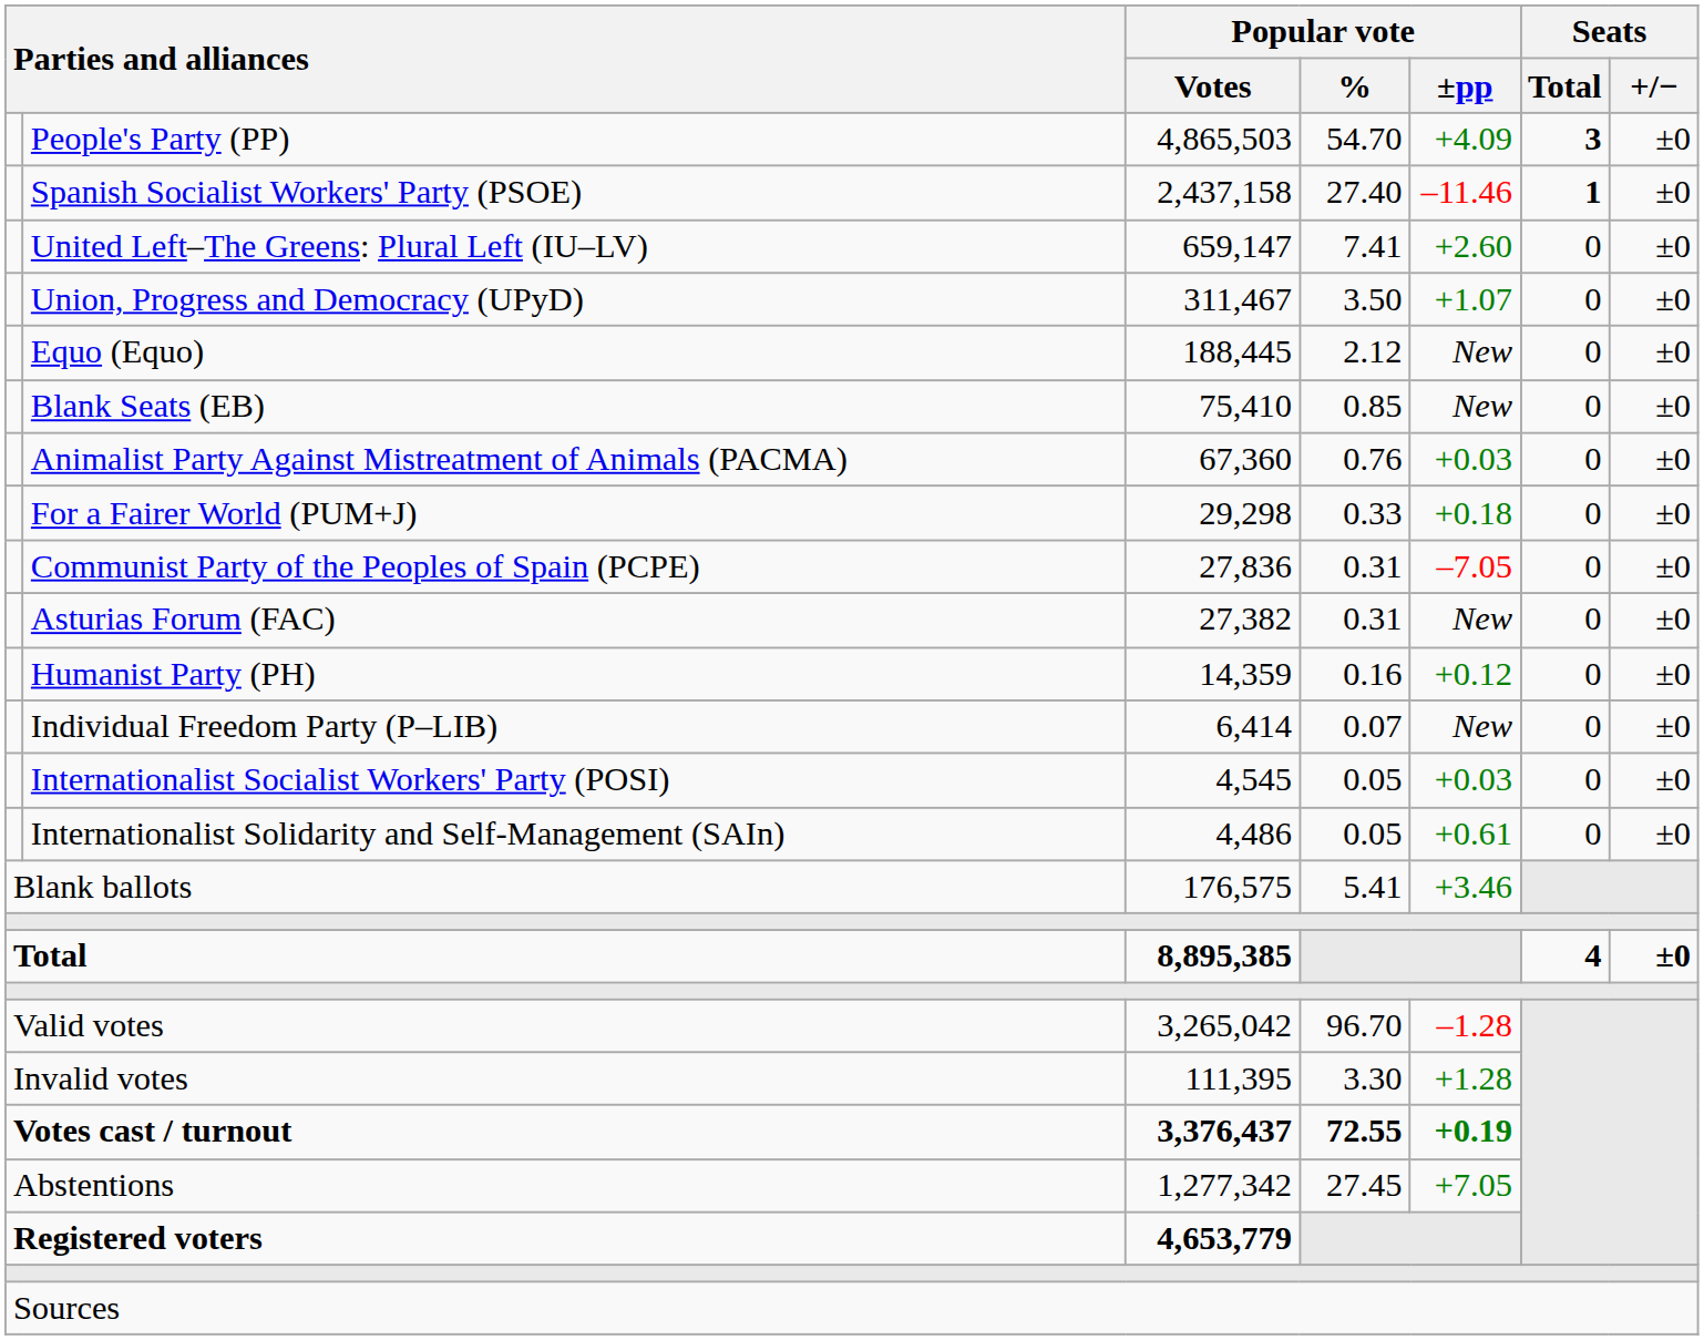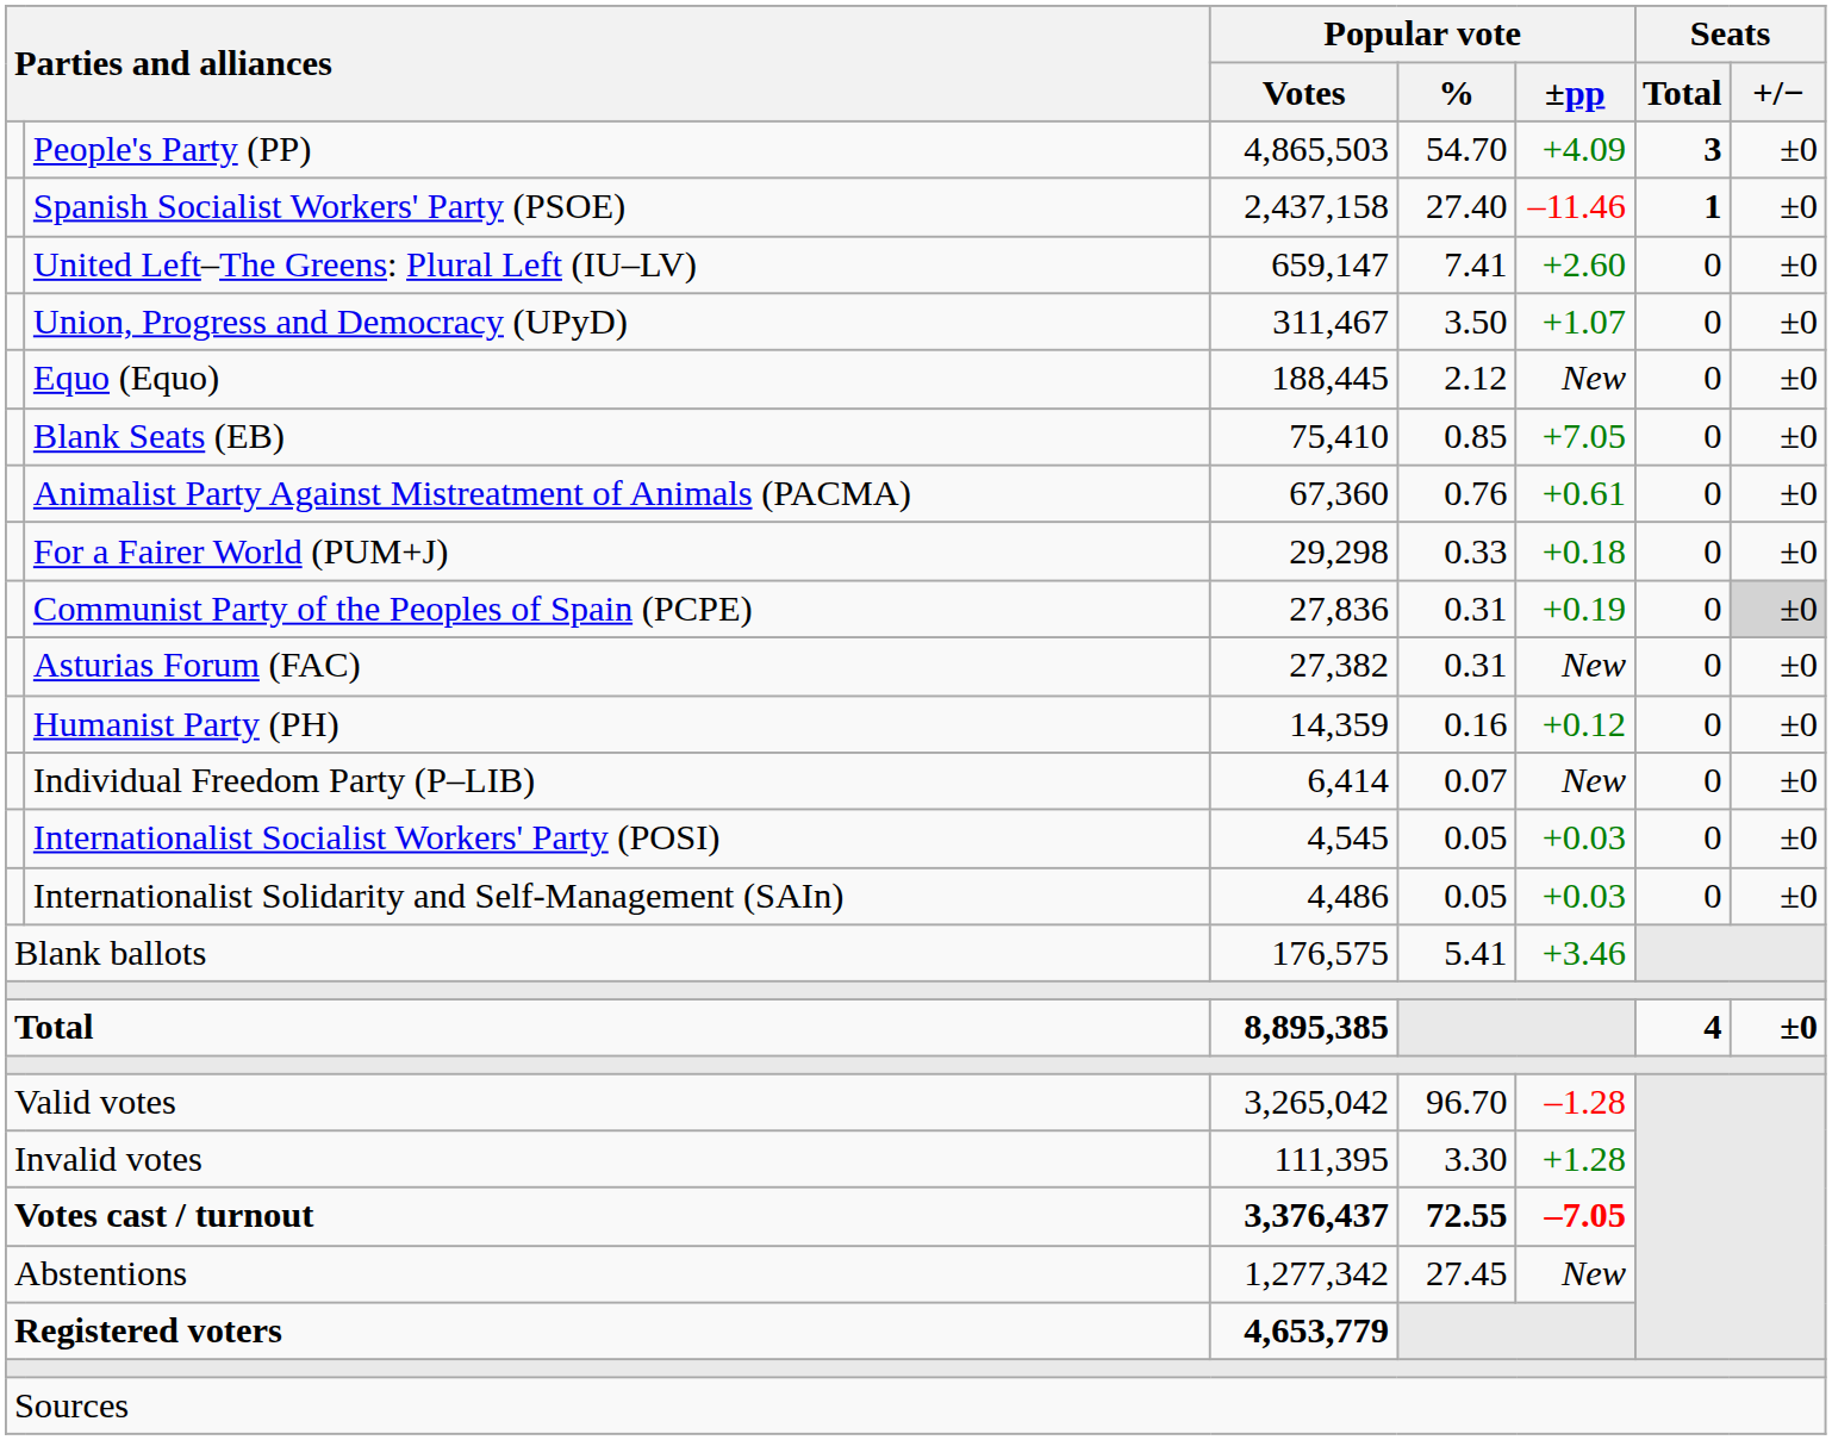 <table class="wikitable" style="text-align:right;">
 <tr>
 <th style="text-align:left;" rowspan="2" colspan="2" width="525">Parties and alliances</th>
 <th colspan="3">Popular vote</th>
 <th colspan="2">Seats</th>
 </tr>
 <tr>
 <th width="75">Votes</th>
 <th width="45">%</th>
 <th width="45">±<a href='#'>pp</a></th>
 <th width="35">Total</th>
 <th width="35">+/−</th>
 </tr>
 <tr>
 <td width="1" style="color:inherit;background:"></td>
 <td align="left"><a href='#'>People's Party</a> (PP)</td>
 <td>4,865,503</td>
 <td>54.70</td>
 <td style="color:green;">+4.09</td>
 <td><strong>3</strong></td>
 <td>±0</td>
 </tr>
 <tr>
 <td style="color:inherit;background:"></td>
 <td align="left"><a href='#'>Spanish Socialist Workers' Party</a> (PSOE)</td>
 <td>2,437,158</td>
 <td>27.40</td>
 <td style="color:red;">–11.46</td>
 <td><strong>1</strong></td>
 <td>±0</td>
 </tr>
 <tr>
 <td style="color:inherit;background:"></td>
 <td align="left"><a href='#'>United Left</a>–<a href='#'>The Greens</a>: <a href='#'>Plural Left</a> (IU–LV)</td>
 <td>659,147</td>
 <td>7.41</td>
 <td style="color:green;">+2.60</td>
 <td>0</td>
 <td>±0</td>
 </tr>
 <tr>
 <td style="color:inherit;background:"></td>
 <td align="left"><a href='#'>Union, Progress and Democracy</a> (UPyD)</td>
 <td>311,467</td>
 <td>3.50</td>
 <td style="color:green;">+1.07</td>
 <td>0</td>
 <td>±0</td>
 </tr>
 <tr>
 <td style="color:inherit;background:"></td>
 <td align="left"><a href='#'>Equo</a> (Equo)</td>
 <td>188,445</td>
 <td>2.12</td>
 <td><em>New</em></td>
 <td>0</td>
 <td>±0</td>
 </tr>
 <tr>
 <td style="color:inherit;background:"></td>
 <td align="left"><a href='#'>Blank Seats</a> (EB)</td>
 <td>75,410</td>
 <td>0.85</td>
-<td><em>New</em></td>
+<td style="color:green;">+7.05</td>
 <td>0</td>
 <td>±0</td>
 </tr>
 <tr>
 <td style="color:inherit;background:"></td>
 <td align="left"><a href='#'>Animalist Party Against Mistreatment of Animals</a> (PACMA)</td>
 <td>67,360</td>
 <td>0.76</td>
-<td style="color:green;">+0.03</td>
+<td style="color:green;">+0.61</td>
 <td>0</td>
 <td>±0</td>
 </tr>
 <tr>
 <td style="color:inherit;background:"></td>
 <td align="left"><a href='#'>For a Fairer World</a> (PUM+J)</td>
 <td>29,298</td>
 <td>0.33</td>
 <td style="color:green;">+0.18</td>
 <td>0</td>
 <td>±0</td>
 </tr>
 <tr>
 <td style="color:inherit;background:"></td>
 <td align="left"><a href='#'>Communist Party of the Peoples of Spain</a> (PCPE)</td>
 <td>27,836</td>
 <td>0.31</td>
-<td style="color:red;">–7.05</td>
+<td style="color:green;">+0.19</td>
 <td>0</td>
-<td>±0</td>
+<td style="background: lightgrey;">±0</td>
 </tr>
 <tr>
 <td style="color:inherit;background:"></td>
 <td align="left"><a href='#'>Asturias Forum</a> (FAC)</td>
 <td>27,382</td>
 <td>0.31</td>
 <td><em>New</em></td>
 <td>0</td>
 <td>±0</td>
 </tr>
 <tr>
 <td style="color:inherit;background:"></td>
 <td align="left"><a href='#'>Humanist Party</a> (PH)</td>
 <td>14,359</td>
 <td>0.16</td>
 <td style="color:green;">+0.12</td>
 <td>0</td>
 <td>±0</td>
 </tr>
 <tr>
 <td style="color:inherit;background:"></td>
 <td align="left">Individual Freedom Party (P–LIB)</td>
 <td>6,414</td>
 <td>0.07</td>
 <td><em>New</em></td>
 <td>0</td>
 <td>±0</td>
 </tr>
 <tr>
 <td style="color:inherit;background:"></td>
 <td align="left"><a href='#'>Internationalist Socialist Workers' Party</a> (POSI)</td>
 <td>4,545</td>
 <td>0.05</td>
 <td style="color:green;">+0.03</td>
 <td>0</td>
 <td>±0</td>
 </tr>
 <tr>
 <td style="color:inherit;background:"></td>
 <td align="left">Internationalist Solidarity and Self-Management (SAIn)</td>
 <td>4,486</td>
 <td>0.05</td>
-<td style="color:green;">+0.61</td>
+<td style="color:green;">+0.03</td>
 <td>0</td>
 <td>±0</td>
 </tr>
 <tr>
 <td align="left" colspan="2">Blank ballots</td>
 <td>176,575</td>
 <td>5.41</td>
 <td style="color:green;">+3.46</td>
 <td bgcolor="#E9E9E9" colspan="2"></td>
 </tr>
 <tr>
 <td colspan="7" bgcolor="#E9E9E9"></td>
 </tr>
 <tr style="font-weight:bold;">
 <td align="left" colspan="2">Total</td>
 <td>8,895,385</td>
 <td bgcolor="#E9E9E9" colspan="2"></td>
 <td>4</td>
 <td>±0</td>
 </tr>
 <tr>
 <td colspan="7" bgcolor="#E9E9E9"></td>
 </tr>
 <tr>
 <td align="left" colspan="2">Valid votes</td>
 <td>3,265,042</td>
 <td>96.70</td>
 <td style="color:red;">–1.28</td>
 <td bgcolor="#E9E9E9" colspan="2" rowspan="5"></td>
 </tr>
 <tr>
 <td align="left" colspan="2">Invalid votes</td>
 <td>111,395</td>
 <td>3.30</td>
 <td style="color:green;">+1.28</td>
 </tr>
 <tr style="font-weight:bold;">
 <td align="left" colspan="2">Votes cast / turnout</td>
 <td>3,376,437</td>
 <td>72.55</td>
-<td style="color:green;">+0.19</td>
+<td style="color:red;">–7.05</td>
 </tr>
 <tr>
 <td align="left" colspan="2">Abstentions</td>
 <td>1,277,342</td>
 <td>27.45</td>
-<td style="color:green;">+7.05</td>
+<td><em>New</em></td>
 </tr>
 <tr style="font-weight:bold;">
 <td align="left" colspan="2">Registered voters</td>
 <td>4,653,779</td>
 <td bgcolor="#E9E9E9" colspan="2"></td>
 </tr>
 <tr>
 <td colspan="7" bgcolor="#E9E9E9"></td>
 </tr>
 <tr>
 <td align="left" colspan="7">Sources</td>
 </tr>
 </table>
